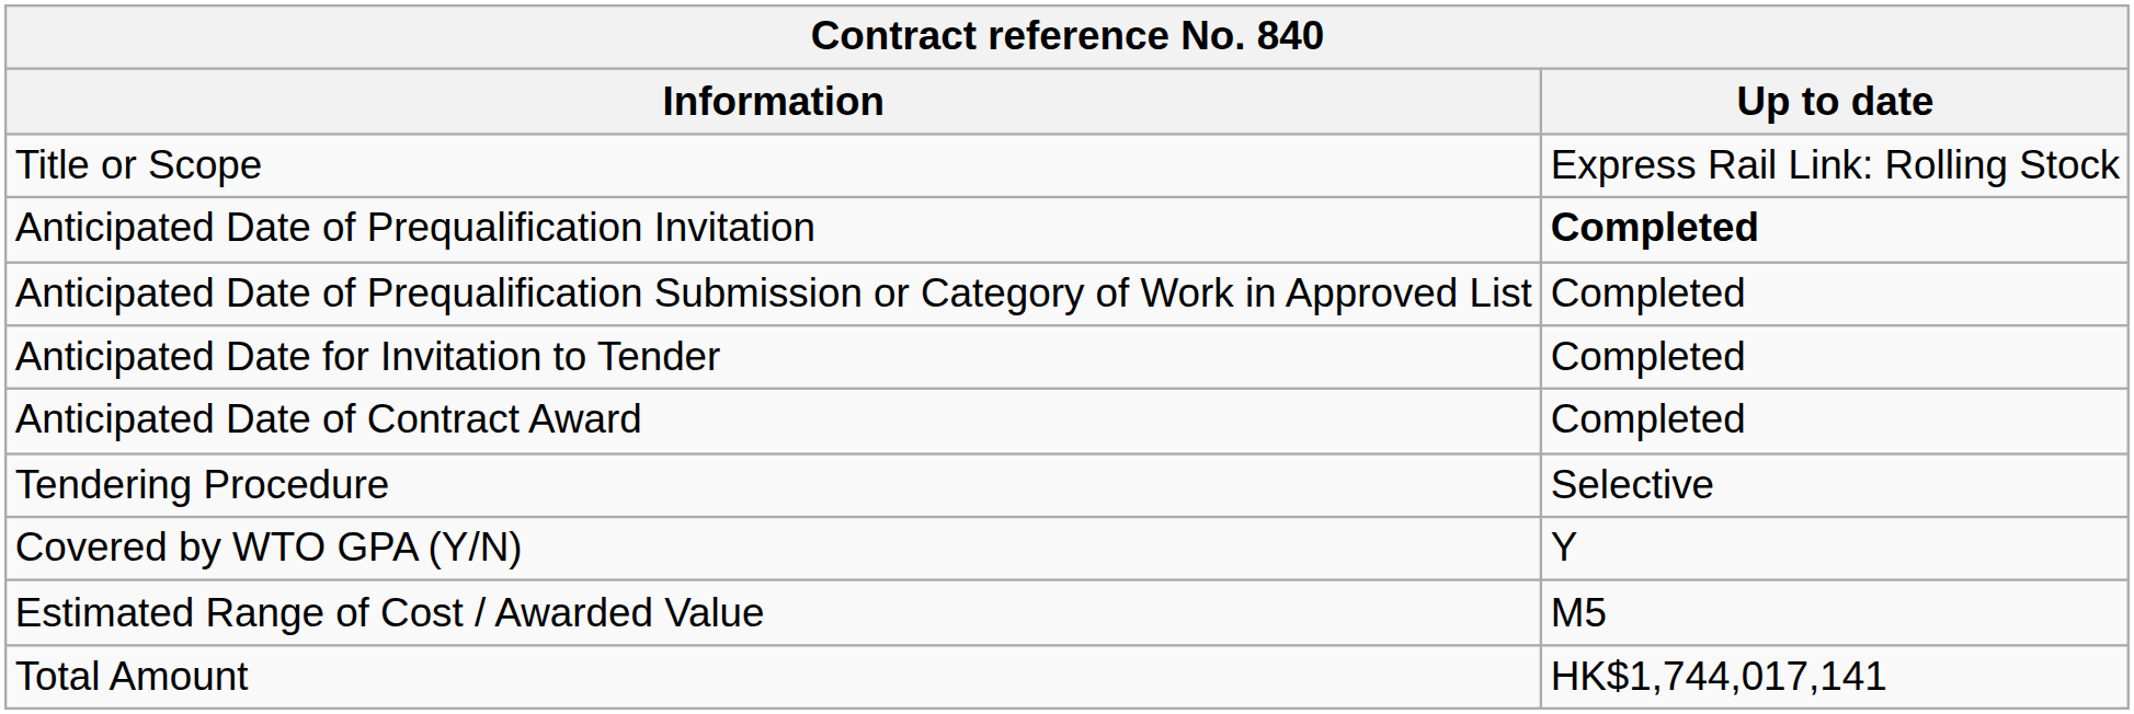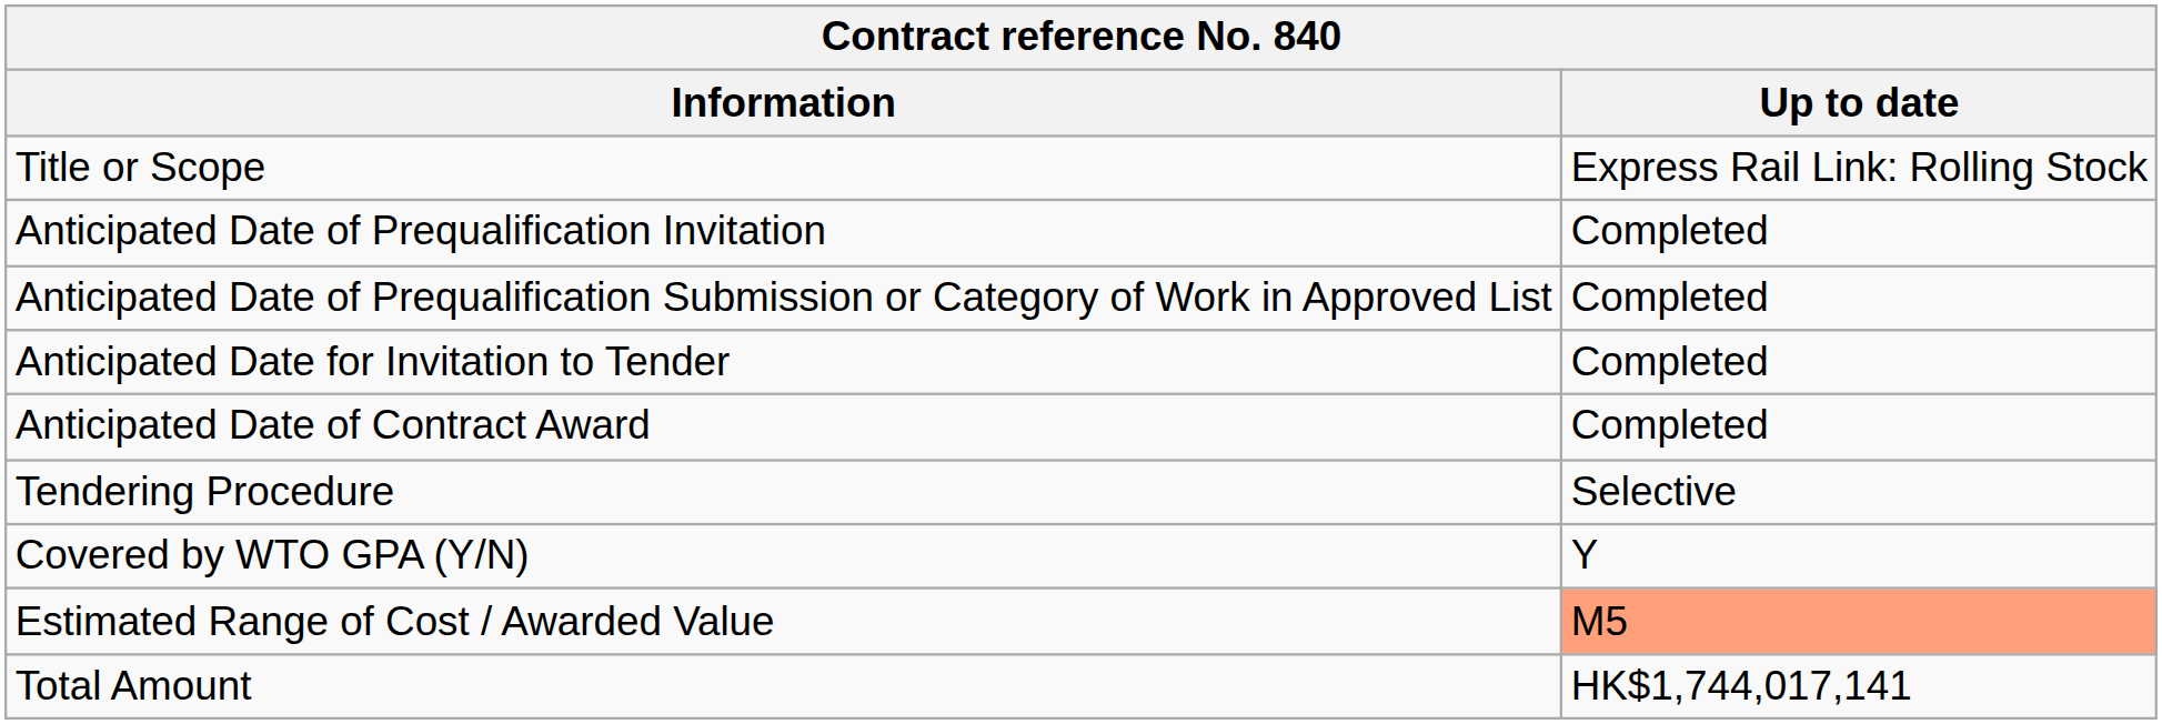 <table class="wikitable">
 <tr>
 <th colspan="2">Contract reference No. 840</th>
 </tr>
 <tr>
 <th>Information</th>
 <th>Up to date</th>
 </tr>
 <tr>
 <td>Title or Scope</td>
 <td>Express Rail Link: Rolling Stock</td>
 </tr>
 <tr>
 <td>Anticipated Date of Prequalification Invitation</td>
-<td><strong>Completed</strong></td>
+<td>Completed</td>
 </tr>
 <tr>
 <td>Anticipated Date of Prequalification Submission or Category of Work in Approved List</td>
 <td>Completed</td>
 </tr>
 <tr>
 <td>Anticipated Date for Invitation to Tender</td>
 <td>Completed</td>
 </tr>
 <tr>
 <td>Anticipated Date of Contract Award</td>
 <td>Completed</td>
 </tr>
 <tr>
 <td>Tendering Procedure</td>
 <td>Selective</td>
 </tr>
 <tr>
 <td>Covered by WTO GPA (Y/N)</td>
 <td>Y</td>
 </tr>
 <tr>
 <td>Estimated Range of Cost / Awarded Value</td>
-<td>M5</td>
+<td style="background: lightsalmon;">M5</td>
 </tr>
 <tr>
 <td>Total Amount</td>
 <td>HK$1,744,017,141</td>
 </tr>
 </table>
